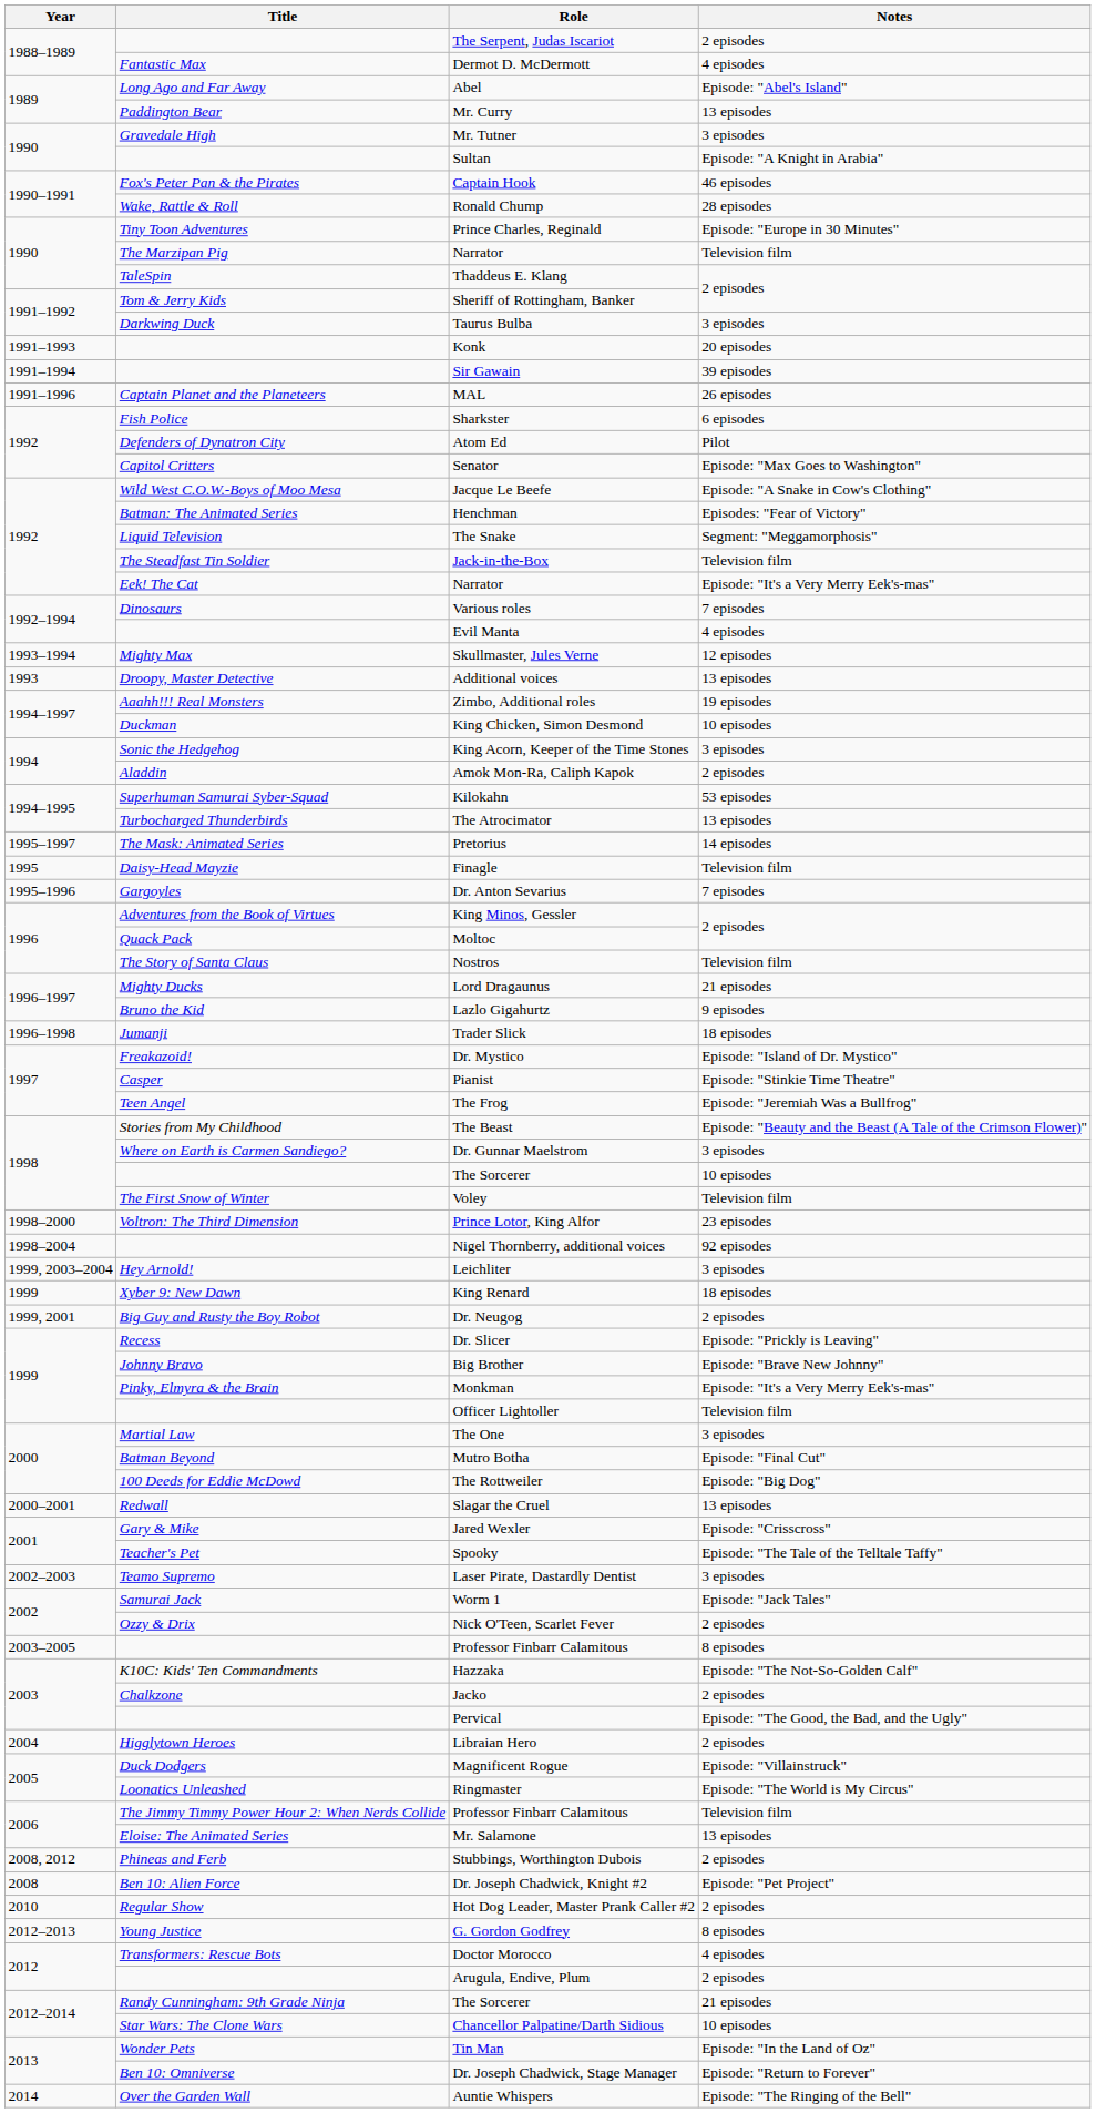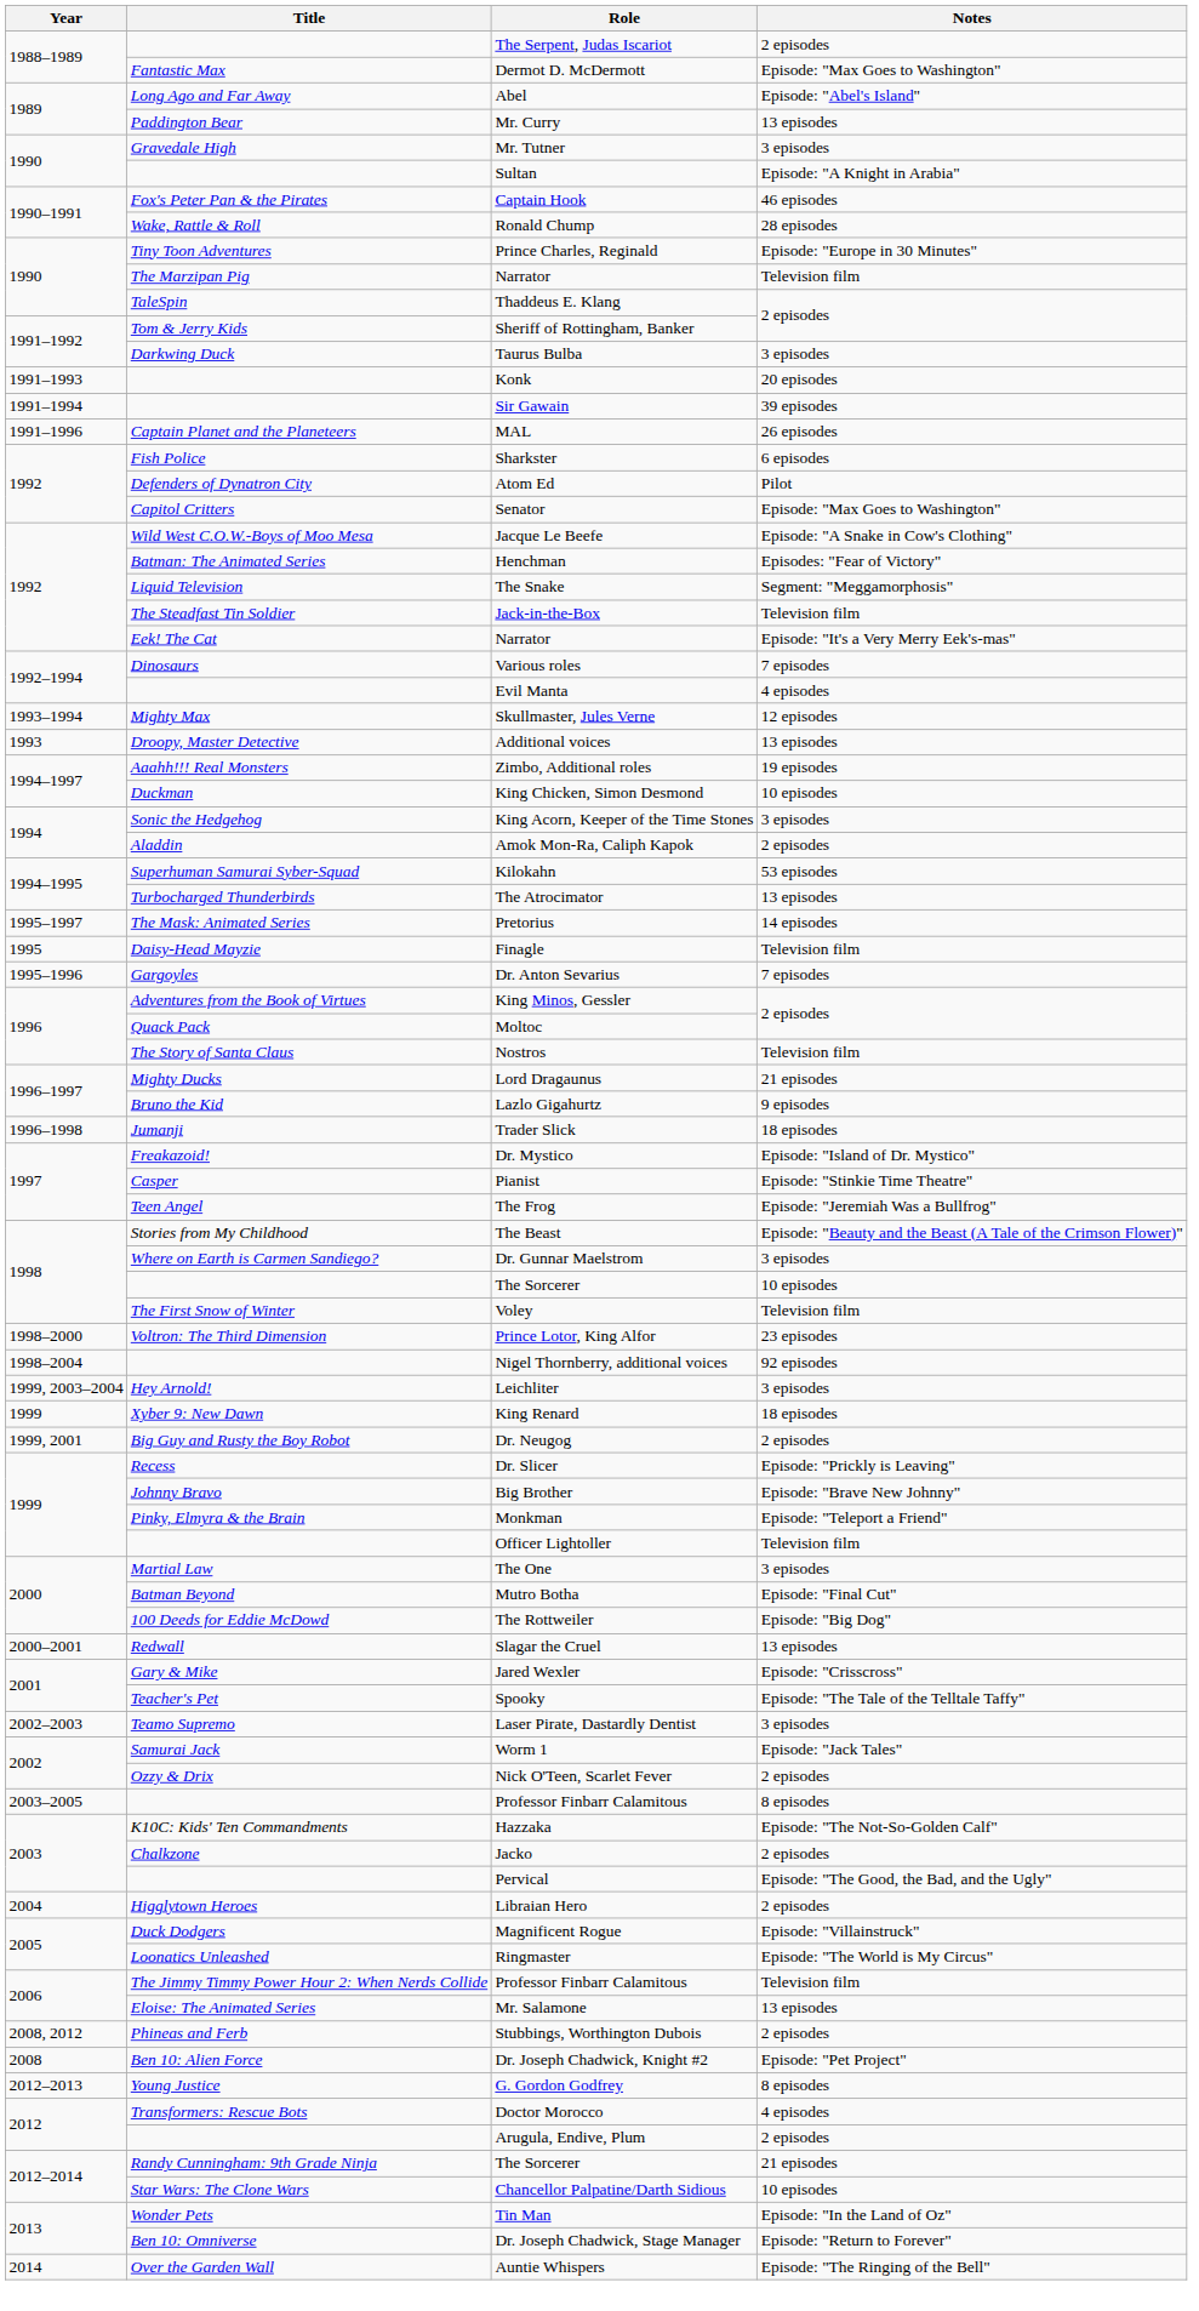 <table class = "wikitable sortable">
 <tr>
 <th>Year</th>
 <th>Title</th>
 <th>Role</th>
 <th class = "unsortable">Notes</th>
 </tr>
 <tr>
 <td rowspan="2">1988–1989</td>
 <td><em></em></td>
 <td><a href='#'>The Serpent</a>, <a href='#'>Judas Iscariot</a></td>
 <td>2 episodes</td>
 </tr>
 <tr>
 <td><em><a href='#'>Fantastic Max</a></em></td>
 <td>Dermot D. McDermott</td>
-<td>4 episodes</td>
+<td>Episode: "Max Goes to Washington"</td>
 </tr>
 <tr>
 <td rowspan="2">1989</td>
 <td><em><a href='#'>Long Ago and Far Away</a></em></td>
 <td>Abel</td>
 <td>Episode: "<a href='#'>Abel's Island</a>"</td>
 </tr>
 <tr>
 <td><em><a href='#'>Paddington Bear</a></em></td>
 <td>Mr. Curry</td>
 <td>13 episodes</td>
 </tr>
 <tr>
 <td rowspan="2">1990</td>
 <td><em><a href='#'>Gravedale High</a></em></td>
 <td>Mr. Tutner</td>
 <td>3 episodes</td>
 </tr>
 <tr>
 <td><em></em></td>
 <td>Sultan</td>
 <td>Episode: "A Knight in Arabia"</td>
 </tr>
 <tr>
 <td rowspan="2">1990–1991</td>
 <td><em><a href='#'>Fox's Peter Pan & the Pirates</a></em></td>
 <td><a href='#'>Captain Hook</a></td>
 <td>46 episodes</td>
 </tr>
 <tr>
 <td><em><a href='#'>Wake, Rattle & Roll</a></em></td>
 <td>Ronald Chump</td>
 <td>28 episodes</td>
 </tr>
 <tr>
 <td rowspan="3">1990</td>
 <td><em><a href='#'>Tiny Toon Adventures</a></em></td>
 <td>Prince Charles, Reginald</td>
 <td>Episode: "Europe in 30 Minutes"</td>
 </tr>
 <tr>
 <td><em><a href='#'>The Marzipan Pig</a></em></td>
 <td>Narrator</td>
 <td>Television film</td>
 </tr>
 <tr>
 <td><em><a href='#'>TaleSpin</a></em></td>
 <td>Thaddeus E. Klang</td>
 <td rowspan="2">2 episodes</td>
 </tr>
 <tr>
 <td rowspan="2">1991–1992</td>
 <td><em><a href='#'>Tom & Jerry Kids</a></em></td>
 <td>Sheriff of Rottingham, Banker</td>
 </tr>
 <tr>
 <td><em><a href='#'>Darkwing Duck</a></em></td>
 <td>Taurus Bulba</td>
 <td>3 episodes</td>
 </tr>
 <tr>
 <td>1991–1993</td>
 <td><em></em></td>
 <td>Konk</td>
 <td>20 episodes</td>
 </tr>
 <tr>
 <td>1991–1994</td>
 <td><em></em></td>
 <td><a href='#'>Sir Gawain</a></td>
 <td>39 episodes</td>
 </tr>
 <tr>
 <td>1991–1996</td>
 <td><em><a href='#'>Captain Planet and the Planeteers</a></em></td>
 <td>MAL</td>
 <td>26 episodes</td>
 </tr>
 <tr>
 <td rowspan="3">1992</td>
 <td><em><a href='#'>Fish Police</a></em></td>
 <td>Sharkster</td>
 <td>6 episodes</td>
 </tr>
 <tr>
 <td><em><a href='#'>Defenders of Dynatron City</a></em></td>
 <td>Atom Ed</td>
 <td>Pilot</td>
 </tr>
 <tr>
 <td><em><a href='#'>Capitol Critters</a></em></td>
 <td>Senator</td>
 <td>Episode: "Max Goes to Washington"</td>
 </tr>
 <tr>
 <td rowspan="5">1992</td>
 <td><em><a href='#'>Wild West C.O.W.-Boys of Moo Mesa</a></em></td>
 <td>Jacque Le Beefe</td>
 <td>Episode: "A Snake in Cow's Clothing"</td>
 </tr>
 <tr>
 <td><em><a href='#'>Batman: The Animated Series</a></em></td>
 <td>Henchman</td>
 <td>Episodes: "Fear of Victory"</td>
 </tr>
 <tr>
 <td><em><a href='#'>Liquid Television</a></em></td>
 <td>The Snake</td>
 <td>Segment: "Meggamorphosis"</td>
 </tr>
 <tr>
 <td><em><a href='#'>The Steadfast Tin Soldier</a></em></td>
 <td><a href='#'>Jack-in-the-Box</a></td>
 <td>Television film</td>
 </tr>
 <tr>
 <td><em><a href='#'>Eek! The Cat</a></em></td>
 <td>Narrator</td>
 <td>Episode: "It's a Very Merry Eek's-mas"</td>
 </tr>
 <tr>
 <td rowspan="2">1992–1994</td>
 <td><em><a href='#'>Dinosaurs</a></em></td>
 <td>Various roles</td>
 <td>7 episodes</td>
 </tr>
 <tr>
 <td><em></em></td>
 <td>Evil Manta</td>
 <td>4 episodes</td>
 </tr>
 <tr>
 <td>1993–1994</td>
 <td><em><a href='#'>Mighty Max</a></em></td>
 <td>Skullmaster, <a href='#'>Jules Verne</a></td>
 <td>12 episodes</td>
 </tr>
 <tr>
 <td>1993</td>
 <td><em><a href='#'>Droopy, Master Detective</a></em></td>
 <td>Additional voices</td>
 <td>13 episodes</td>
 </tr>
 <tr>
 <td rowspan="2">1994–1997</td>
 <td><em><a href='#'>Aaahh!!! Real Monsters</a></em></td>
 <td>Zimbo, Additional roles</td>
 <td>19 episodes</td>
 </tr>
 <tr>
 <td><em><a href='#'>Duckman</a></em></td>
 <td>King Chicken, Simon Desmond</td>
 <td>10 episodes</td>
 </tr>
 <tr>
 <td rowspan="2">1994</td>
 <td><em><a href='#'>Sonic the Hedgehog</a></em></td>
 <td>King Acorn, Keeper of the Time Stones</td>
 <td>3 episodes</td>
 </tr>
 <tr>
 <td><em><a href='#'>Aladdin</a></em></td>
 <td>Amok Mon-Ra, Caliph Kapok</td>
 <td>2 episodes</td>
 </tr>
 <tr>
 <td rowspan="2">1994–1995</td>
 <td><em><a href='#'>Superhuman Samurai Syber-Squad</a></em></td>
 <td>Kilokahn</td>
 <td>53 episodes</td>
 </tr>
 <tr>
 <td><em><a href='#'>Turbocharged Thunderbirds</a></em></td>
 <td>The Atrocimator</td>
 <td>13 episodes</td>
 </tr>
 <tr>
 <td>1995–1997</td>
 <td><em><a href='#'>The Mask: Animated Series</a></em></td>
 <td>Pretorius</td>
 <td>14 episodes</td>
 </tr>
 <tr>
 <td>1995</td>
 <td><em><a href='#'>Daisy-Head Mayzie</a></em></td>
 <td>Finagle</td>
 <td>Television film</td>
 </tr>
 <tr>
 <td>1995–1996</td>
 <td><em><a href='#'>Gargoyles</a></em></td>
 <td>Dr. Anton Sevarius</td>
 <td>7 episodes</td>
 </tr>
 <tr>
 <td rowspan="3">1996</td>
 <td><em><a href='#'>Adventures from the Book of Virtues</a></em></td>
 <td>King <a href='#'>Minos</a>, Gessler</td>
 <td rowspan="2">2 episodes</td>
 </tr>
 <tr>
 <td><em><a href='#'>Quack Pack</a></em></td>
 <td>Moltoc</td>
 </tr>
 <tr>
 <td><em><a href='#'>The Story of Santa Claus</a></em></td>
 <td>Nostros</td>
 <td>Television film</td>
 </tr>
 <tr>
 <td rowspan="2">1996–1997</td>
 <td><em><a href='#'>Mighty Ducks</a></em></td>
 <td>Lord Dragaunus</td>
 <td>21 episodes</td>
 </tr>
 <tr>
 <td><em><a href='#'>Bruno the Kid</a></em></td>
 <td>Lazlo Gigahurtz</td>
 <td>9 episodes</td>
 </tr>
 <tr>
 <td>1996–1998</td>
 <td><em><a href='#'>Jumanji</a></em></td>
 <td>Trader Slick</td>
 <td>18 episodes</td>
 </tr>
 <tr>
 <td rowspan="3">1997</td>
 <td><em><a href='#'>Freakazoid!</a></em></td>
 <td>Dr. Mystico</td>
 <td>Episode: "Island of Dr. Mystico"</td>
 </tr>
 <tr>
 <td><em><a href='#'>Casper</a></em></td>
 <td>Pianist</td>
 <td>Episode: "Stinkie Time Theatre"</td>
 </tr>
 <tr>
 <td><em><a href='#'>Teen Angel</a></em></td>
 <td>The Frog</td>
 <td>Episode: "Jeremiah Was a Bullfrog"</td>
 </tr>
 <tr>
 <td rowspan="4">1998</td>
 <td><em>Stories from My Childhood</em></td>
 <td>The Beast</td>
 <td>Episode: "<a href='#'>Beauty and the Beast (A Tale of the Crimson Flower)</a>"</td>
 </tr>
 <tr>
 <td><em><a href='#'>Where on Earth is Carmen Sandiego?</a></em></td>
 <td>Dr. Gunnar Maelstrom</td>
 <td>3 episodes</td>
 </tr>
 <tr>
 <td><em></em></td>
 <td>The Sorcerer</td>
 <td>10 episodes</td>
 </tr>
 <tr>
 <td><em><a href='#'>The First Snow of Winter</a></em></td>
 <td>Voley</td>
 <td>Television film</td>
 </tr>
 <tr>
 <td>1998–2000</td>
 <td><em><a href='#'>Voltron: The Third Dimension</a></em></td>
 <td><a href='#'>Prince Lotor</a>, King Alfor</td>
 <td>23 episodes</td>
 </tr>
 <tr>
 <td>1998–2004</td>
 <td><em></em></td>
 <td>Nigel Thornberry, additional voices</td>
 <td>92 episodes</td>
 </tr>
 <tr>
 <td>1999, 2003–2004</td>
 <td><em><a href='#'>Hey Arnold!</a></em></td>
 <td>Leichliter</td>
 <td>3 episodes</td>
 </tr>
 <tr>
 <td>1999</td>
 <td><em><a href='#'>Xyber 9: New Dawn</a></em></td>
 <td>King Renard</td>
 <td>18 episodes</td>
 </tr>
 <tr>
 <td>1999, 2001</td>
 <td><em><a href='#'>Big Guy and Rusty the Boy Robot</a></em></td>
 <td>Dr. Neugog</td>
 <td>2 episodes</td>
 </tr>
 <tr>
 <td rowspan="4">1999</td>
 <td><em><a href='#'>Recess</a></em></td>
 <td>Dr. Slicer</td>
 <td>Episode: "Prickly is Leaving"</td>
 </tr>
 <tr>
 <td><em><a href='#'>Johnny Bravo</a></em></td>
 <td>Big Brother</td>
 <td>Episode: "Brave New Johnny"</td>
 </tr>
 <tr>
 <td><em><a href='#'>Pinky, Elmyra & the Brain</a></em></td>
 <td>Monkman</td>
-<td>Episode: "It's a Very Merry Eek's-mas"</td>
+<td>Episode: "Teleport a Friend"</td>
 </tr>
 <tr>
 <td><em></em></td>
 <td>Officer Lightoller</td>
 <td>Television film</td>
 </tr>
 <tr>
 <td rowspan="3">2000</td>
 <td><em><a href='#'>Martial Law</a></em></td>
 <td>The One</td>
 <td>3 episodes</td>
 </tr>
 <tr>
 <td><em><a href='#'>Batman Beyond</a></em></td>
 <td>Mutro Botha</td>
 <td>Episode: "Final Cut"</td>
 </tr>
 <tr>
 <td><em><a href='#'>100 Deeds for Eddie McDowd</a></em></td>
 <td>The Rottweiler</td>
 <td>Episode: "Big Dog"</td>
 </tr>
 <tr>
 <td>2000–2001</td>
 <td><em><a href='#'>Redwall</a></em></td>
 <td>Slagar the Cruel</td>
 <td>13 episodes</td>
 </tr>
 <tr>
 <td rowspan="2">2001</td>
 <td><em><a href='#'>Gary & Mike</a></em></td>
 <td>Jared Wexler</td>
 <td>Episode: "Crisscross"</td>
 </tr>
 <tr>
 <td><em><a href='#'>Teacher's Pet</a></em></td>
 <td>Spooky</td>
 <td>Episode: "The Tale of the Telltale Taffy"</td>
 </tr>
 <tr>
 <td>2002–2003</td>
 <td><em><a href='#'>Teamo Supremo</a></em></td>
 <td>Laser Pirate, Dastardly Dentist</td>
 <td>3 episodes</td>
 </tr>
 <tr>
 <td rowspan="2">2002</td>
 <td><em><a href='#'>Samurai Jack</a></em></td>
 <td>Worm 1</td>
 <td>Episode: "Jack Tales"</td>
 </tr>
 <tr>
 <td><em><a href='#'>Ozzy & Drix</a></em></td>
 <td>Nick O'Teen, Scarlet Fever</td>
 <td>2 episodes</td>
 </tr>
 <tr>
 <td>2003–2005</td>
 <td><em></em></td>
 <td>Professor Finbarr Calamitous</td>
 <td>8 episodes</td>
 </tr>
 <tr>
 <td rowspan="3">2003</td>
 <td><em>K10C: Kids' Ten Commandments</em></td>
 <td>Hazzaka</td>
 <td>Episode: "The Not-So-Golden Calf"</td>
 </tr>
 <tr>
 <td><em><a href='#'>Chalkzone</a></em></td>
 <td>Jacko</td>
 <td>2 episodes</td>
 </tr>
 <tr>
 <td><em></em></td>
 <td>Pervical</td>
 <td>Episode: "The Good, the Bad, and the Ugly"</td>
 </tr>
 <tr>
 <td>2004</td>
 <td><em><a href='#'>Higglytown Heroes</a></em></td>
 <td>Libraian Hero</td>
 <td>2 episodes</td>
 </tr>
 <tr>
 <td rowspan="2">2005</td>
 <td><em><a href='#'>Duck Dodgers</a></em></td>
 <td>Magnificent Rogue</td>
 <td>Episode: "Villainstruck"</td>
 </tr>
 <tr>
 <td><em><a href='#'>Loonatics Unleashed</a></em></td>
 <td>Ringmaster</td>
 <td>Episode: "The World is My Circus"</td>
 </tr>
 <tr>
 <td rowspan="2">2006</td>
 <td><em><a href='#'>The Jimmy Timmy Power Hour 2: When Nerds Collide</a></em></td>
 <td>Professor Finbarr Calamitous</td>
 <td>Television film</td>
 </tr>
 <tr>
 <td><em><a href='#'>Eloise: The Animated Series</a></em></td>
 <td>Mr. Salamone</td>
 <td>13 episodes</td>
 </tr>
 <tr>
 <td>2008, 2012</td>
 <td><em><a href='#'>Phineas and Ferb</a></em></td>
 <td>Stubbings, Worthington Dubois</td>
 <td>2 episodes</td>
 </tr>
 <tr>
 <td>2008</td>
 <td><em><a href='#'>Ben 10: Alien Force</a></em></td>
 <td>Dr. Joseph Chadwick, Knight #2</td>
 <td>Episode: "Pet Project"</td>
 </tr>
 <tr>
-<td>2010</td>
-<td><em><a href='#'>Regular Show</a></em></td>
-<td>Hot Dog Leader, Master Prank Caller #2</td>
-<td>2 episodes</td>
-</tr>
-<tr>
 <td>2012–2013</td>
 <td><em><a href='#'>Young Justice</a></em></td>
 <td><a href='#'>G. Gordon Godfrey</a></td>
 <td>8 episodes</td>
 </tr>
 <tr>
 <td rowspan="2">2012</td>
 <td><em><a href='#'>Transformers: Rescue Bots</a></em></td>
 <td>Doctor Morocco</td>
 <td>4 episodes</td>
 </tr>
 <tr>
 <td><em></em></td>
 <td>Arugula, Endive, Plum</td>
 <td>2 episodes</td>
 </tr>
 <tr>
 <td rowspan="2">2012–2014</td>
 <td><em><a href='#'>Randy Cunningham: 9th Grade Ninja</a></em></td>
 <td>The Sorcerer</td>
 <td>21 episodes</td>
 </tr>
 <tr>
 <td><em><a href='#'>Star Wars: The Clone Wars</a></em></td>
 <td><a href='#'>Chancellor Palpatine/Darth Sidious</a></td>
 <td>10 episodes</td>
 </tr>
 <tr>
 <td rowspan="2">2013</td>
 <td><em><a href='#'>Wonder Pets</a></em></td>
 <td><a href='#'>Tin Man</a></td>
 <td>Episode: "In the Land of Oz"</td>
 </tr>
 <tr>
 <td><em><a href='#'>Ben 10: Omniverse</a></em></td>
 <td>Dr. Joseph Chadwick, Stage Manager</td>
 <td>Episode: "Return to Forever"</td>
 </tr>
 <tr>
 <td>2014</td>
 <td><em><a href='#'>Over the Garden Wall</a></em></td>
 <td>Auntie Whispers</td>
 <td>Episode: "The Ringing of the Bell"</td>
 </tr>
 </table>
